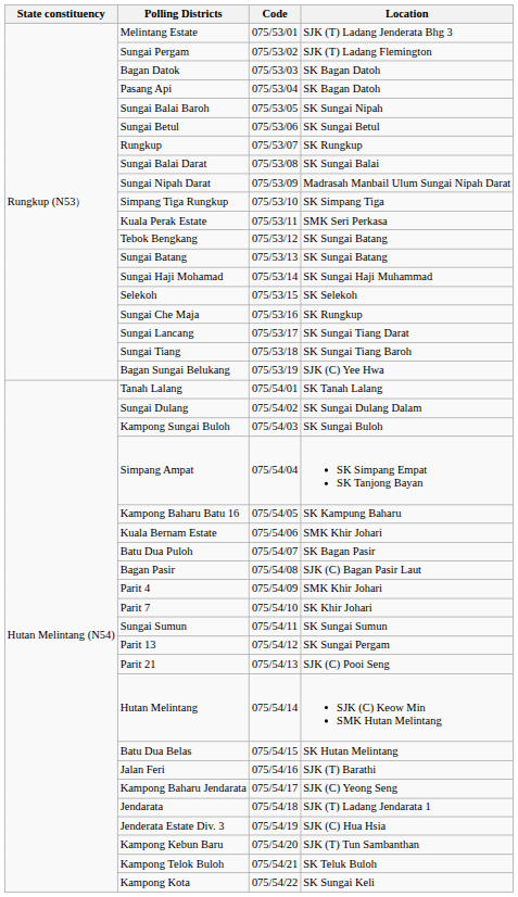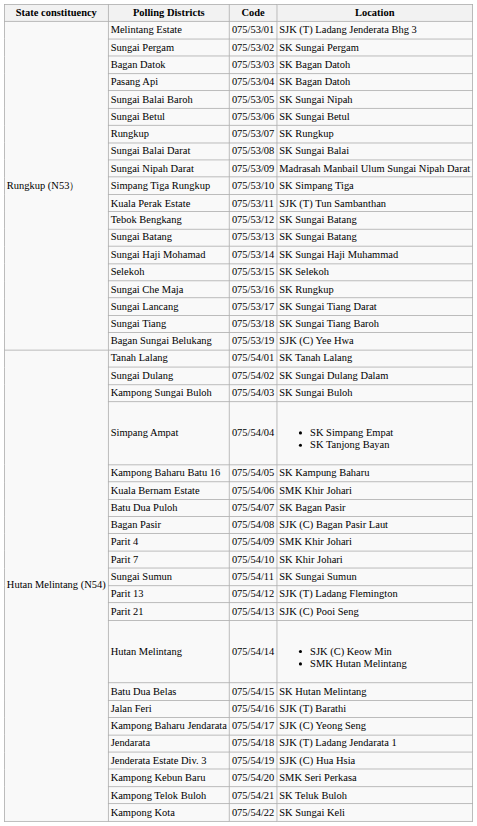 <table class="wikitable sortable mw-collapsible" style="white-space:nowrap;font-size:85%">
 <tr>
 <th>State constituency</th>
 <th>Polling Districts</th>
 <th>Code</th>
 <th>Location</th>
 </tr>
 <tr>
 <td rowspan="19">Rungkup (N53）</td>
 <td>Melintang Estate</td>
 <td>075/53/01</td>
 <td>SJK (T) Ladang Jenderata Bhg 3</td>
 </tr>
 <tr>
 <td>Sungai Pergam</td>
 <td>075/53/02</td>
-<td>SJK (T) Ladang Flemington</td>
+<td>SK Sungai Pergam</td>
 </tr>
 <tr>
 <td>Bagan Datok</td>
 <td>075/53/03</td>
 <td>SK Bagan Datoh</td>
 </tr>
 <tr>
 <td>Pasang Api</td>
 <td>075/53/04</td>
 <td>SK Bagan Datoh</td>
 </tr>
 <tr>
 <td>Sungai Balai Baroh</td>
 <td>075/53/05</td>
 <td>SK Sungai Nipah</td>
 </tr>
 <tr>
 <td>Sungai Betul</td>
 <td>075/53/06</td>
 <td>SK Sungai Betul</td>
 </tr>
 <tr>
 <td>Rungkup</td>
 <td>075/53/07</td>
 <td>SK Rungkup</td>
 </tr>
 <tr>
 <td>Sungai Balai Darat</td>
 <td>075/53/08</td>
 <td>SK Sungai Balai</td>
 </tr>
 <tr>
 <td>Sungai Nipah Darat</td>
 <td>075/53/09</td>
 <td>Madrasah Manbail Ulum Sungai Nipah Darat</td>
 </tr>
 <tr>
 <td>Simpang Tiga Rungkup</td>
 <td>075/53/10</td>
 <td>SK Simpang Tiga</td>
 </tr>
 <tr>
 <td>Kuala Perak Estate</td>
 <td>075/53/11</td>
-<td>SMK Seri Perkasa</td>
+<td>SJK (T) Tun Sambanthan</td>
 </tr>
 <tr>
 <td>Tebok Bengkang</td>
 <td>075/53/12</td>
 <td>SK Sungai Batang</td>
 </tr>
 <tr>
 <td>Sungai Batang</td>
 <td>075/53/13</td>
 <td>SK Sungai Batang</td>
 </tr>
 <tr>
 <td>Sungai Haji Mohamad</td>
 <td>075/53/14</td>
 <td>SK Sungai Haji Muhammad</td>
 </tr>
 <tr>
 <td>Selekoh</td>
 <td>075/53/15</td>
 <td>SK Selekoh</td>
 </tr>
 <tr>
 <td>Sungai Che Maja</td>
 <td>075/53/16</td>
 <td>SK Rungkup</td>
 </tr>
 <tr>
 <td>Sungai Lancang</td>
 <td>075/53/17</td>
 <td>SK Sungai Tiang Darat</td>
 </tr>
 <tr>
 <td>Sungai Tiang</td>
 <td>075/53/18</td>
 <td>SK Sungai Tiang Baroh</td>
 </tr>
 <tr>
 <td>Bagan Sungai Belukang</td>
 <td>075/53/19</td>
 <td>SJK (C) Yee Hwa</td>
 </tr>
 <tr>
 <td rowspan="22">Hutan Melintang (N54)</td>
 <td>Tanah Lalang</td>
 <td>075/54/01</td>
 <td>SK Tanah Lalang</td>
 </tr>
 <tr>
 <td>Sungai Dulang</td>
 <td>075/54/02</td>
 <td>SK Sungai Dulang Dalam</td>
 </tr>
 <tr>
 <td>Kampong Sungai Buloh</td>
 <td>075/54/03</td>
 <td>SK Sungai Buloh</td>
 </tr>
 <tr>
 <td>Simpang Ampat</td>
 <td>075/54/04</td>
 <td><br><ul><li>SK Simpang Empat</li><li>SK Tanjong Bayan</li></ul></td>
 </tr>
 <tr>
 <td>Kampong Baharu Batu 16</td>
 <td>075/54/05</td>
 <td>SK Kampung Baharu</td>
 </tr>
 <tr>
 <td>Kuala Bernam Estate</td>
 <td>075/54/06</td>
 <td>SMK Khir Johari</td>
 </tr>
 <tr>
 <td>Batu Dua Puloh</td>
 <td>075/54/07</td>
 <td>SK Bagan Pasir</td>
 </tr>
 <tr>
 <td>Bagan Pasir</td>
 <td>075/54/08</td>
 <td>SJK (C) Bagan Pasir Laut</td>
 </tr>
 <tr>
 <td>Parit 4</td>
 <td>075/54/09</td>
 <td>SMK Khir Johari</td>
 </tr>
 <tr>
 <td>Parit 7</td>
 <td>075/54/10</td>
 <td>SK Khir Johari</td>
 </tr>
 <tr>
 <td>Sungai Sumun</td>
 <td>075/54/11</td>
 <td>SK Sungai Sumun</td>
 </tr>
 <tr>
 <td>Parit 13</td>
 <td>075/54/12</td>
-<td>SK Sungai Pergam</td>
+<td>SJK (T) Ladang Flemington</td>
 </tr>
 <tr>
 <td>Parit 21</td>
 <td>075/54/13</td>
 <td>SJK (C) Pooi Seng</td>
 </tr>
 <tr>
 <td>Hutan Melintang</td>
 <td>075/54/14</td>
 <td><br><ul><li>SJK (C) Keow Min</li><li>SMK Hutan Melintang</li></ul></td>
 </tr>
 <tr>
 <td>Batu Dua Belas</td>
 <td>075/54/15</td>
 <td>SK Hutan Melintang</td>
 </tr>
 <tr>
 <td>Jalan Feri</td>
 <td>075/54/16</td>
 <td>SJK (T) Barathi</td>
 </tr>
 <tr>
 <td>Kampong Baharu Jendarata</td>
 <td>075/54/17</td>
 <td>SJK (C) Yeong Seng</td>
 </tr>
 <tr>
 <td>Jendarata</td>
 <td>075/54/18</td>
 <td>SJK (T) Ladang Jendarata 1</td>
 </tr>
 <tr>
 <td>Jenderata Estate Div. 3</td>
 <td>075/54/19</td>
 <td>SJK (C) Hua Hsia</td>
 </tr>
 <tr>
 <td>Kampong Kebun Baru</td>
 <td>075/54/20</td>
-<td>SJK (T) Tun Sambanthan</td>
+<td>SMK Seri Perkasa</td>
 </tr>
 <tr>
 <td>Kampong Telok Buloh</td>
 <td>075/54/21</td>
 <td>SK Teluk Buloh</td>
 </tr>
 <tr>
 <td>Kampong Kota</td>
 <td>075/54/22</td>
 <td>SK Sungai Keli</td>
 </tr>
 </table>
